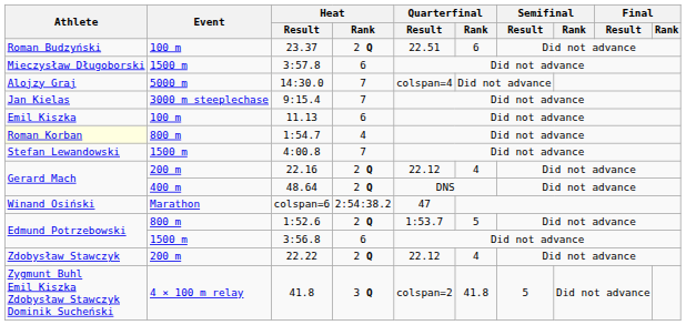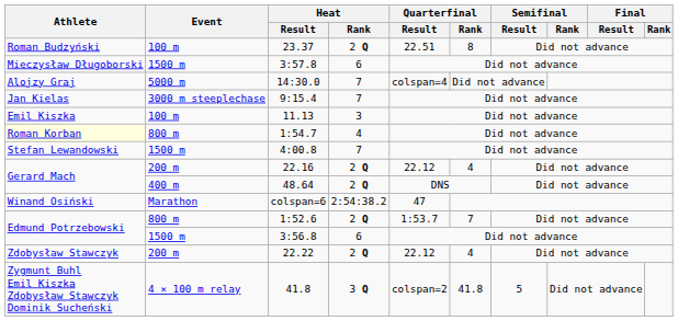 <table class="wikitable" style="font-size:90%">
 <tr>
 <th rowspan="2">Athlete</th>
 <th rowspan="2">Event</th>
 <th colspan="2">Heat</th>
 <th colspan="2">Quarterfinal</th>
 <th colspan="2">Semifinal</th>
 <th colspan="2">Final</th>
 </tr>
 <tr style="font-size:95%">
 <th>Result</th>
 <th>Rank</th>
 <th>Result</th>
 <th>Rank</th>
 <th>Result</th>
 <th>Rank</th>
 <th>Result</th>
 <th>Rank</th>
 </tr>
 <tr align=center>
 <td align=left><a href='#'>Roman Budzyński</a></td>
 <td align=left><a href='#'>100 m</a></td>
 <td>23.37</td>
 <td>2 <strong>Q</strong></td>
 <td>22.51</td>
-<td>6</td>
+<td>8</td>
 <td colspan=4>Did not advance</td>
 </tr>
 <tr align=center>
 <td align=left><a href='#'>Mieczysław Długoborski</a></td>
 <td align=left><a href='#'>1500 m</a></td>
 <td>3:57.8</td>
 <td>6</td>
 <td colspan=6>Did not advance</td>
 </tr>
 <tr align=center>
 <td align=left><a href='#'>Alojzy Graj</a></td>
 <td align=left><a href='#'>5000 m</a></td>
 <td>14:30.0</td>
 <td>7</td>
 <td>colspan=4 </td>
 <td colspan=2>Did not advance</td>
 </tr>
 <tr align=center>
 <td align=left><a href='#'>Jan Kielas</a></td>
 <td align=left><a href='#'>3000 m steeplechase</a></td>
 <td>9:15.4</td>
 <td>7</td>
 <td colspan=6>Did not advance</td>
 </tr>
 <tr align=center>
 <td align=left><a href='#'>Emil Kiszka</a></td>
 <td align=left><a href='#'>100 m</a></td>
 <td>11.13</td>
-<td>6</td>
+<td>3</td>
 <td colspan=6>Did not advance</td>
 </tr>
 <tr align=center>
 <td align=left style="background: lightyellow;"><a href='#'>Roman Korban</a></td>
 <td align=left><a href='#'>800 m</a></td>
 <td>1:54.7</td>
 <td>4</td>
 <td colspan=6>Did not advance</td>
 </tr>
 <tr align=center>
 <td align=left><a href='#'>Stefan Lewandowski</a></td>
 <td align=left><a href='#'>1500 m</a></td>
 <td>4:00.8</td>
 <td>7</td>
 <td colspan=6>Did not advance</td>
 </tr>
 <tr align=center>
 <td align=left rowspan=2><a href='#'>Gerard Mach</a></td>
 <td align=left><a href='#'>200 m</a></td>
 <td>22.16</td>
 <td>2 <strong>Q</strong></td>
 <td>22.12</td>
 <td>4</td>
 <td colspan=4>Did not advance</td>
 </tr>
 <tr align=center>
 <td align=left><a href='#'>400 m</a></td>
 <td>48.64</td>
 <td>2 <strong>Q</strong></td>
 <td colspan=2>DNS</td>
 <td colspan=4>Did not advance</td>
 </tr>
 <tr align=center>
 <td align=left><a href='#'>Winand Osiński</a></td>
 <td align=left><a href='#'>Marathon</a></td>
 <td>colspan=6 </td>
 <td>2:54:38.2</td>
 <td>47</td>
 </tr>
 <tr align=center>
 <td align=left rowspan=2><a href='#'>Edmund Potrzebowski</a></td>
 <td align=left><a href='#'>800 m</a></td>
 <td>1:52.6</td>
 <td>2 <strong>Q</strong></td>
 <td>1:53.7</td>
-<td>5</td>
+<td>7</td>
 <td colspan=4>Did not advance</td>
 </tr>
 <tr align=center>
 <td align=left><a href='#'>1500 m</a></td>
 <td>3:56.8</td>
 <td>6</td>
 <td colspan=6>Did not advance</td>
 </tr>
 <tr align=center>
 <td align=left><a href='#'>Zdobysław Stawczyk</a></td>
 <td align=left><a href='#'>200 m</a></td>
 <td>22.22</td>
 <td>2 <strong>Q</strong></td>
 <td>22.12</td>
 <td>4</td>
 <td colspan=4>Did not advance</td>
 </tr>
 <tr align=center>
 <td align=left><a href='#'>Zygmunt Buhl</a><br><a href='#'>Emil Kiszka</a><br><a href='#'>Zdobysław Stawczyk</a><br><a href='#'>Dominik Sucheński</a></td>
 <td align=left><a href='#'>4 × 100 m relay</a></td>
 <td>41.8</td>
 <td>3 <strong>Q</strong></td>
 <td>colspan=2 </td>
 <td>41.8</td>
 <td>5</td>
 <td colspan=2>Did not advance</td>
 </tr>
 </table>
